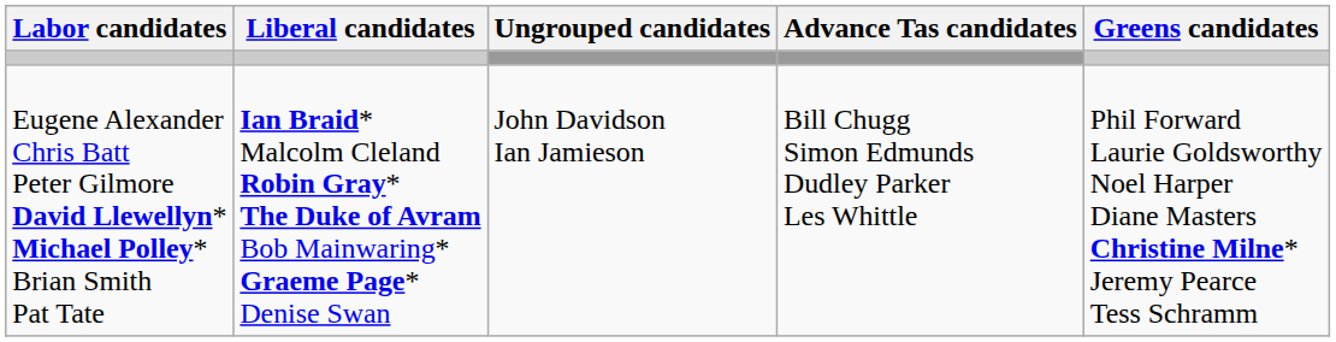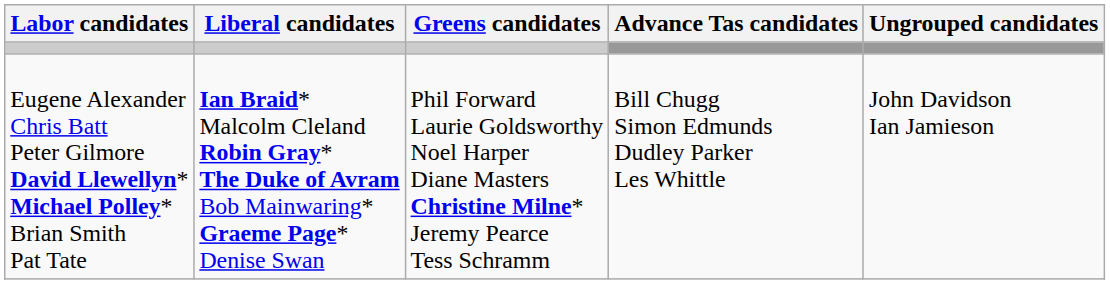 <table class="wikitable">
 <tr>
 <th><a href='#'>Labor</a> candidates</th>
 <th><a href='#'>Liberal</a> candidates</th>
+<th><a href='#'>Greens</a> candidates</th>
+<th>Advance Tas candidates</th>
 <th>Ungrouped candidates</th>
-<th>Advance Tas candidates</th>
-<th><a href='#'>Greens</a> candidates</th>
 </tr>
 <tr bgcolor="#cccccc">
 <td></td>
 <td></td>
+<td></td>
 <td bgcolor="#999999"></td>
 <td bgcolor="#999999"></td>
-<td></td>
 </tr>
 <tr>
 <td><br>Eugene Alexander<br> <a href='#'>Chris Batt</a><br> Peter Gilmore<br> <strong><a href='#'>David Llewellyn</a></strong>*<br> <strong><a href='#'>Michael Polley</a></strong>*<br> Brian Smith<br> Pat Tate</td>
 <td><br><strong><a href='#'>Ian Braid</a></strong>*<br> Malcolm Cleland<br> <strong><a href='#'>Robin Gray</a></strong>*<br> <strong><a href='#'>The Duke of Avram</a></strong><br> <a href='#'>Bob Mainwaring</a>*<br> <strong><a href='#'>Graeme Page</a></strong>*<br> <a href='#'>Denise Swan</a></td>
+<td><br>Phil Forward<br> Laurie Goldsworthy<br> Noel Harper<br> Diane Masters<br> <strong><a href='#'>Christine Milne</a></strong>*<br> Jeremy Pearce<br> Tess Schramm</td>
+<td valign=top><br>Bill Chugg<br> Simon Edmunds<br> Dudley Parker<br> Les Whittle</td>
 <td valign=top><br>John Davidson<br> Ian Jamieson</td>
-<td valign=top><br>Bill Chugg<br> Simon Edmunds<br> Dudley Parker<br> Les Whittle</td>
-<td><br>Phil Forward<br> Laurie Goldsworthy<br> Noel Harper<br> Diane Masters<br> <strong><a href='#'>Christine Milne</a></strong>*<br> Jeremy Pearce<br> Tess Schramm</td>
 </tr>
 </table>
